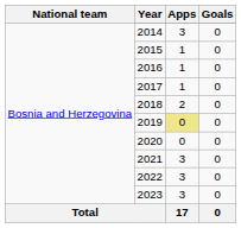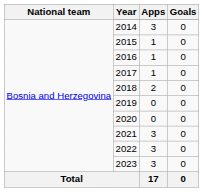 <table class="wikitable" style="text-align:center">
 <tr>
 <th>National team</th>
 <th>Year</th>
 <th>Apps</th>
 <th>Goals</th>
 </tr>
 <tr>
 <td rowspan=11><a href='#'>Bosnia and Herzegovina</a></td>
 </tr>
 <tr>
 <td>2014</td>
 <td>3</td>
 <td>0</td>
 </tr>
 <tr>
 <td>2015</td>
 <td>1</td>
 <td>0</td>
 </tr>
 <tr>
 <td>2016</td>
 <td>1</td>
 <td>0</td>
 </tr>
 <tr>
 <td>2017</td>
 <td>1</td>
 <td>0</td>
 </tr>
 <tr>
 <td>2018</td>
 <td>2</td>
 <td>0</td>
 </tr>
 <tr>
 <td>2019</td>
-<td style="background: khaki;">0</td>
+<td>0</td>
 <td>0</td>
 </tr>
 <tr>
 <td>2020</td>
 <td>0</td>
 <td>0</td>
 </tr>
 <tr>
 <td>2021</td>
 <td>3</td>
 <td>0</td>
 </tr>
 <tr>
 <td>2022</td>
 <td>3</td>
 <td>0</td>
 </tr>
 <tr>
 <td>2023</td>
 <td>3</td>
 <td>0</td>
 </tr>
 <tr>
 <th colspan=2>Total</th>
 <th>17</th>
 <th>0</th>
 </tr>
 </table>
